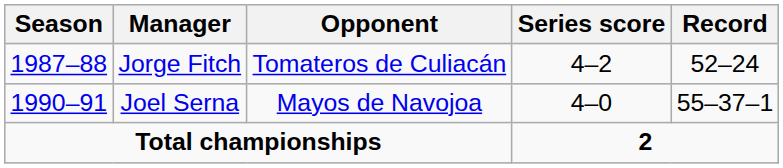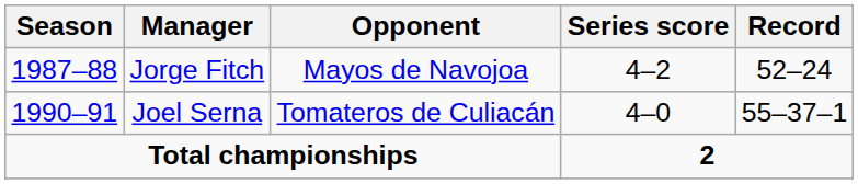 <table class="wikitable plainrowheaders sortable" style="text-align:center;">
 <tr>
 <th scope="col">Season</th>
 <th scope="col">Manager</th>
 <th scope="col">Opponent</th>
 <th scope="col">Series score</th>
 <th scope="col">Record</th>
 </tr>
 <tr>
 <td><a href='#'>1987–88</a></td>
 <td><a href='#'>Jorge Fitch</a></td>
-<td><a href='#'>Tomateros de Culiacán</a></td>
+<td><a href='#'>Mayos de Navojoa</a></td>
 <td>4–2</td>
 <td>52–24</td>
 </tr>
 <tr>
 <td><a href='#'>1990–91</a></td>
 <td><a href='#'>Joel Serna</a></td>
-<td><a href='#'>Mayos de Navojoa</a></td>
+<td><a href='#'>Tomateros de Culiacán</a></td>
 <td>4–0</td>
 <td>55–37–1</td>
 </tr>
 <tr style="text-align:center; ">
 <td colspan="3"><strong>Total championships</strong></td>
 <td colspan="2"><strong>2</strong></td>
 </tr>
 </table>
